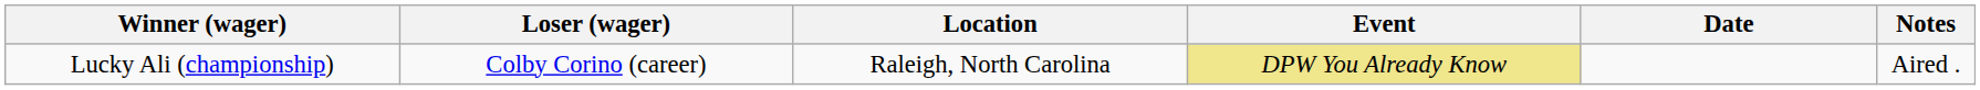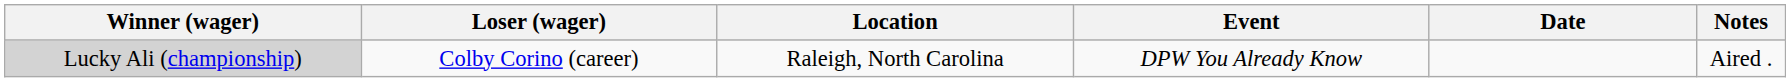 <table class="wikitable sortable" width=100%  style="text-align: center">
 <tr>
 <th width=20% scope="col">Winner (wager)</th>
 <th width=20% scope="col">Loser (wager)</th>
 <th width=20% scope="col">Location</th>
 <th width=20% scope="col">Event</th>
 <th width=15% scope="col">Date</th>
 <th class="unsortable" width=5% scope="col">Notes</th>
 </tr>
 <tr>
-<td>Lucky Ali (<a href='#'>championship</a>)</td>
+<td style="background: lightgrey;">Lucky Ali (<a href='#'>championship</a>)</td>
 <td><a href='#'>Colby Corino</a> (career)</td>
 <td>Raleigh, North Carolina</td>
-<td style="background: khaki;"><em>DPW You Already Know</em></td>
+<td><em>DPW You Already Know</em></td>
 <td></td>
 <td>Aired .</td>
 </tr>
 </table>
